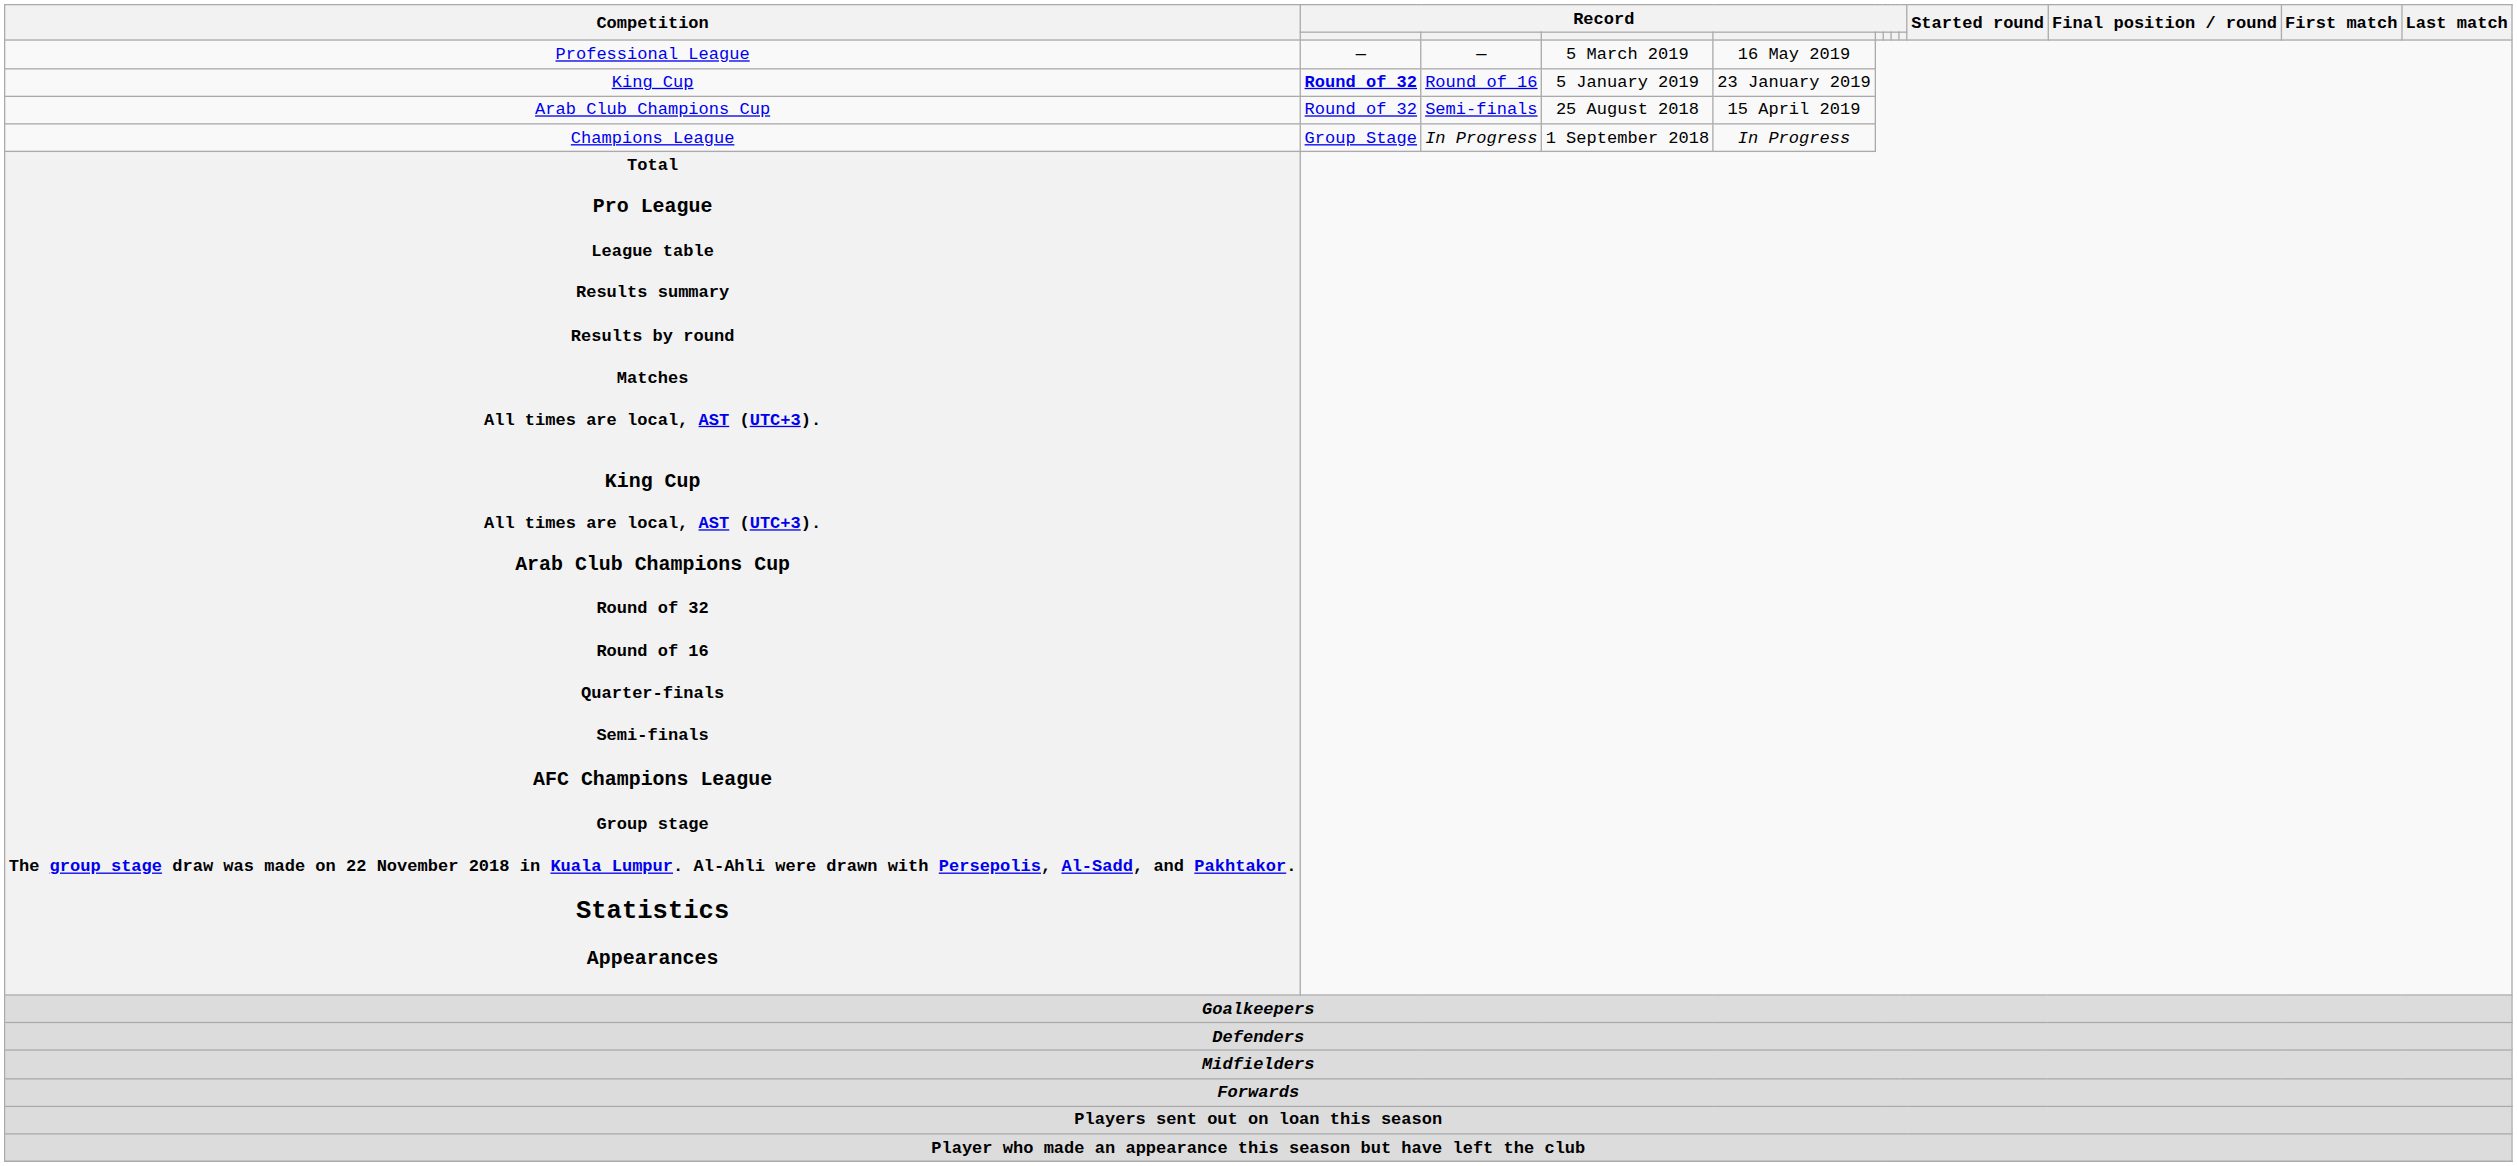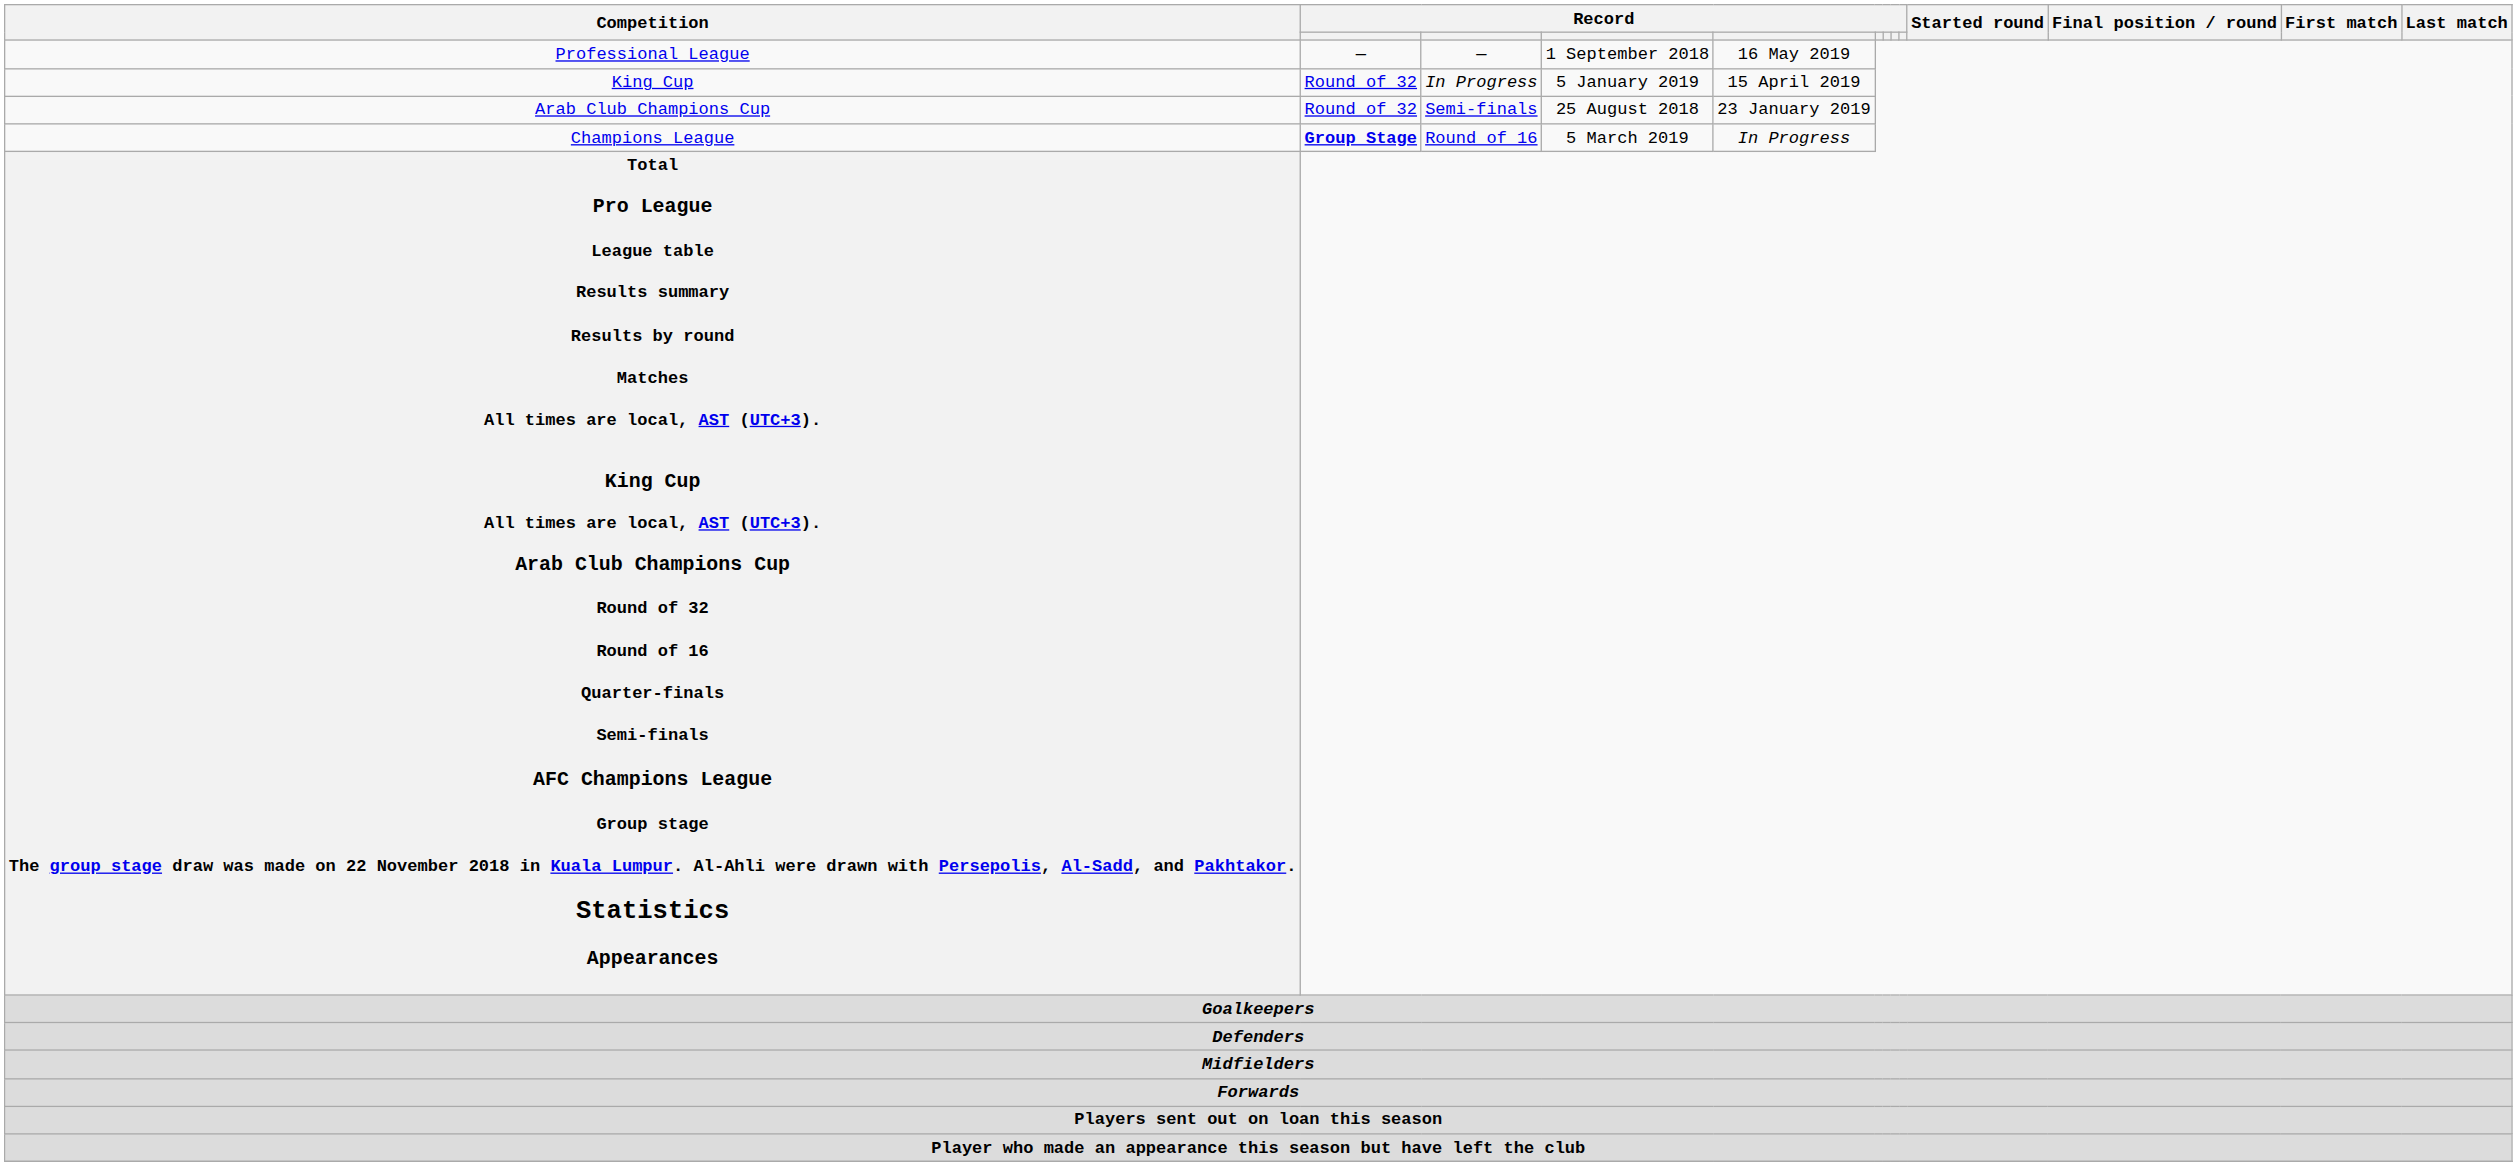 <table class="wikitable" style="text-align: center">
 <tr>
 <th rowspan=2>Competition</th>
 <th colspan=8>Record</th>
 <th rowspan=2>Started round</th>
 <th rowspan=2>Final position / round</th>
 <th rowspan=2>First match</th>
 <th rowspan=2>Last match</th>
 </tr>
 <tr>
 <th></th>
 <th></th>
 <th></th>
 <th></th>
 <th></th>
 <th></th>
 <th></th>
 <th></th>
 </tr>
 <tr>
 <td><a href='#'>Professional League</a><br></td>
 <td>—</td>
 <td>—</td>
-<td>5 March 2019</td>
+<td>1 September 2018</td>
 <td>16 May 2019</td>
 </tr>
 <tr>
 <td><a href='#'>King Cup</a><br></td>
-<td><strong><a href='#'>Round of 32</a></strong></td>
-<td><a href='#'>Round of 16</a></td>
+<td><a href='#'>Round of 32</a></td>
+<td><em>In Progress</em></td>
 <td>5 January 2019</td>
-<td>23 January 2019</td>
+<td>15 April 2019</td>
 </tr>
 <tr>
 <td><a href='#'>Arab Club Champions Cup</a><br></td>
 <td><a href='#'>Round of 32</a></td>
 <td><a href='#'>Semi-finals</a></td>
 <td>25 August 2018</td>
-<td>15 April 2019</td>
+<td>23 January 2019</td>
 </tr>
 <tr>
 <td><a href='#'>Champions League</a><br></td>
-<td><a href='#'>Group Stage</a></td>
-<td><em>In Progress</em></td>
-<td>1 September 2018</td>
+<td><strong><a href='#'>Group Stage</a></strong></td>
+<td><a href='#'>Round of 16</a></td>
+<td>5 March 2019</td>
 <td><em>In Progress</em></td>
 </tr>
 <tr>
 <th>Total<br> <h3>Pro League</h3><h4>League table</h4><h4>Results summary</h4> <h4>Results by round</h4><h4>Matches</h4>All times are local, <a href='#'>AST</a> (<a href='#'>UTC+3</a>).<br>   <br>                             <h3>King Cup</h3> All times are local, <a href='#'>AST</a> (<a href='#'>UTC+3</a>).<br>  <h3>Arab Club Champions Cup</h3><h4>Round of 32</h4> <h4>Round of 16</h4> <h4>Quarter-finals</h4> <h4>Semi-finals</h4> <h3>AFC Champions League</h3><h4>Group stage</h4> The <a href='#'>group stage</a> draw was made on 22 November 2018 in <a href='#'>Kuala Lumpur</a>. Al-Ahli were drawn with <a href='#'>Persepolis</a>, <a href='#'>Al-Sadd</a>, and <a href='#'>Pakhtakor</a>. <br>     <h2>Statistics</h2><h3>Appearances</h3></th>
 </tr>
 <tr>
 <th colspan=16 style=background:#dcdcdc; text-align:center><em>Goalkeepers</em><br>   </th>
 </tr>
 <tr>
 <th colspan=16 style=background:#dcdcdc; text-align:center><em>Defenders</em><br>              </th>
 </tr>
 <tr>
 <th colspan=16 style=background:#dcdcdc; text-align:center><em>Midfielders</em><br>               </th>
 </tr>
 <tr>
 <th colspan=16 style=background:#dcdcdc; text-align:center><em>Forwards</em><br>    </th>
 </tr>
 <tr>
 <th colspan=14 style=background:#dcdcdc; text-align:center>Players sent out on loan this season<br></th>
 </tr>
 <tr>
 <th colspan=14 style=background:#dcdcdc; text-align:center>Player who made an appearance this season but have left the club<br> </th>
 </tr>
 <tr>
 </tr>
 </table>
